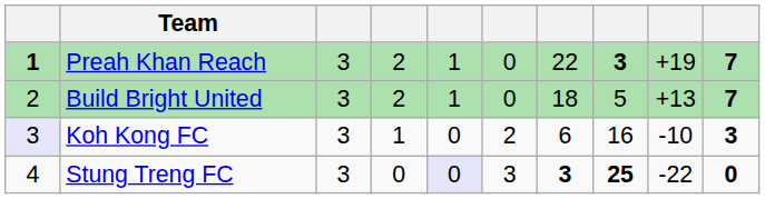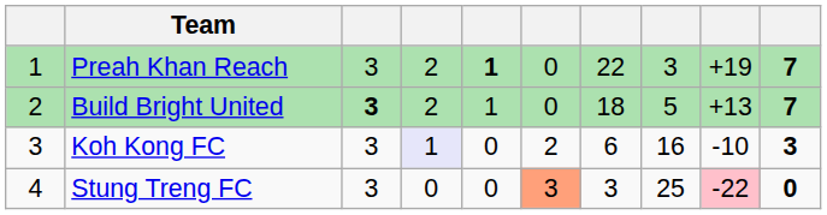 <table class="wikitable" style="text-align: center;">
 <tr>
 <th width=30></th>
 <th width=165>Team</th>
 <th width=30></th>
 <th width=30></th>
 <th width=30></th>
 <th width=30></th>
 <th width=30></th>
 <th width=30></th>
 <th width=30></th>
 <th width=30></th>
 </tr>
 <tr bgcolor=#ACE1AF>
-<td><strong>1</strong></td>
+<td>1</td>
 <td align=left><a href='#'>Preah Khan Reach</a></td>
 <td>3</td>
 <td>2</td>
-<td>1</td>
+<td><strong>1</strong></td>
 <td>0</td>
 <td>22</td>
-<td><strong>3</strong></td>
+<td>3</td>
 <td>+19</td>
 <td><strong>7</strong></td>
 </tr>
 <tr bgcolor=#ACE1AF>
 <td>2</td>
 <td align=left><a href='#'>Build Bright United</a></td>
-<td>3</td>
+<td><strong>3</strong></td>
 <td>2</td>
 <td>1</td>
 <td>0</td>
 <td>18</td>
 <td>5</td>
 <td>+13</td>
 <td><strong>7</strong></td>
 </tr>
 <tr>
-<td style="background: lavender;">3</td>
+<td>3</td>
 <td align=left><a href='#'>Koh Kong FC</a></td>
 <td>3</td>
-<td>1</td>
+<td style="background: lavender;">1</td>
 <td>0</td>
 <td>2</td>
 <td>6</td>
 <td>16</td>
 <td>-10</td>
 <td><strong>3</strong></td>
 </tr>
 <tr>
 <td>4</td>
 <td align=left><a href='#'>Stung Treng FC</a></td>
 <td>3</td>
 <td>0</td>
-<td style="background: lavender;">0</td>
+<td>0</td>
+<td style="background: lightsalmon;">3</td>
 <td>3</td>
-<td><strong>3</strong></td>
-<td><strong>25</strong></td>
-<td>-22</td>
+<td>25</td>
+<td style="background: pink;">-22</td>
 <td><strong>0</strong></td>
 </tr>
 </table>
